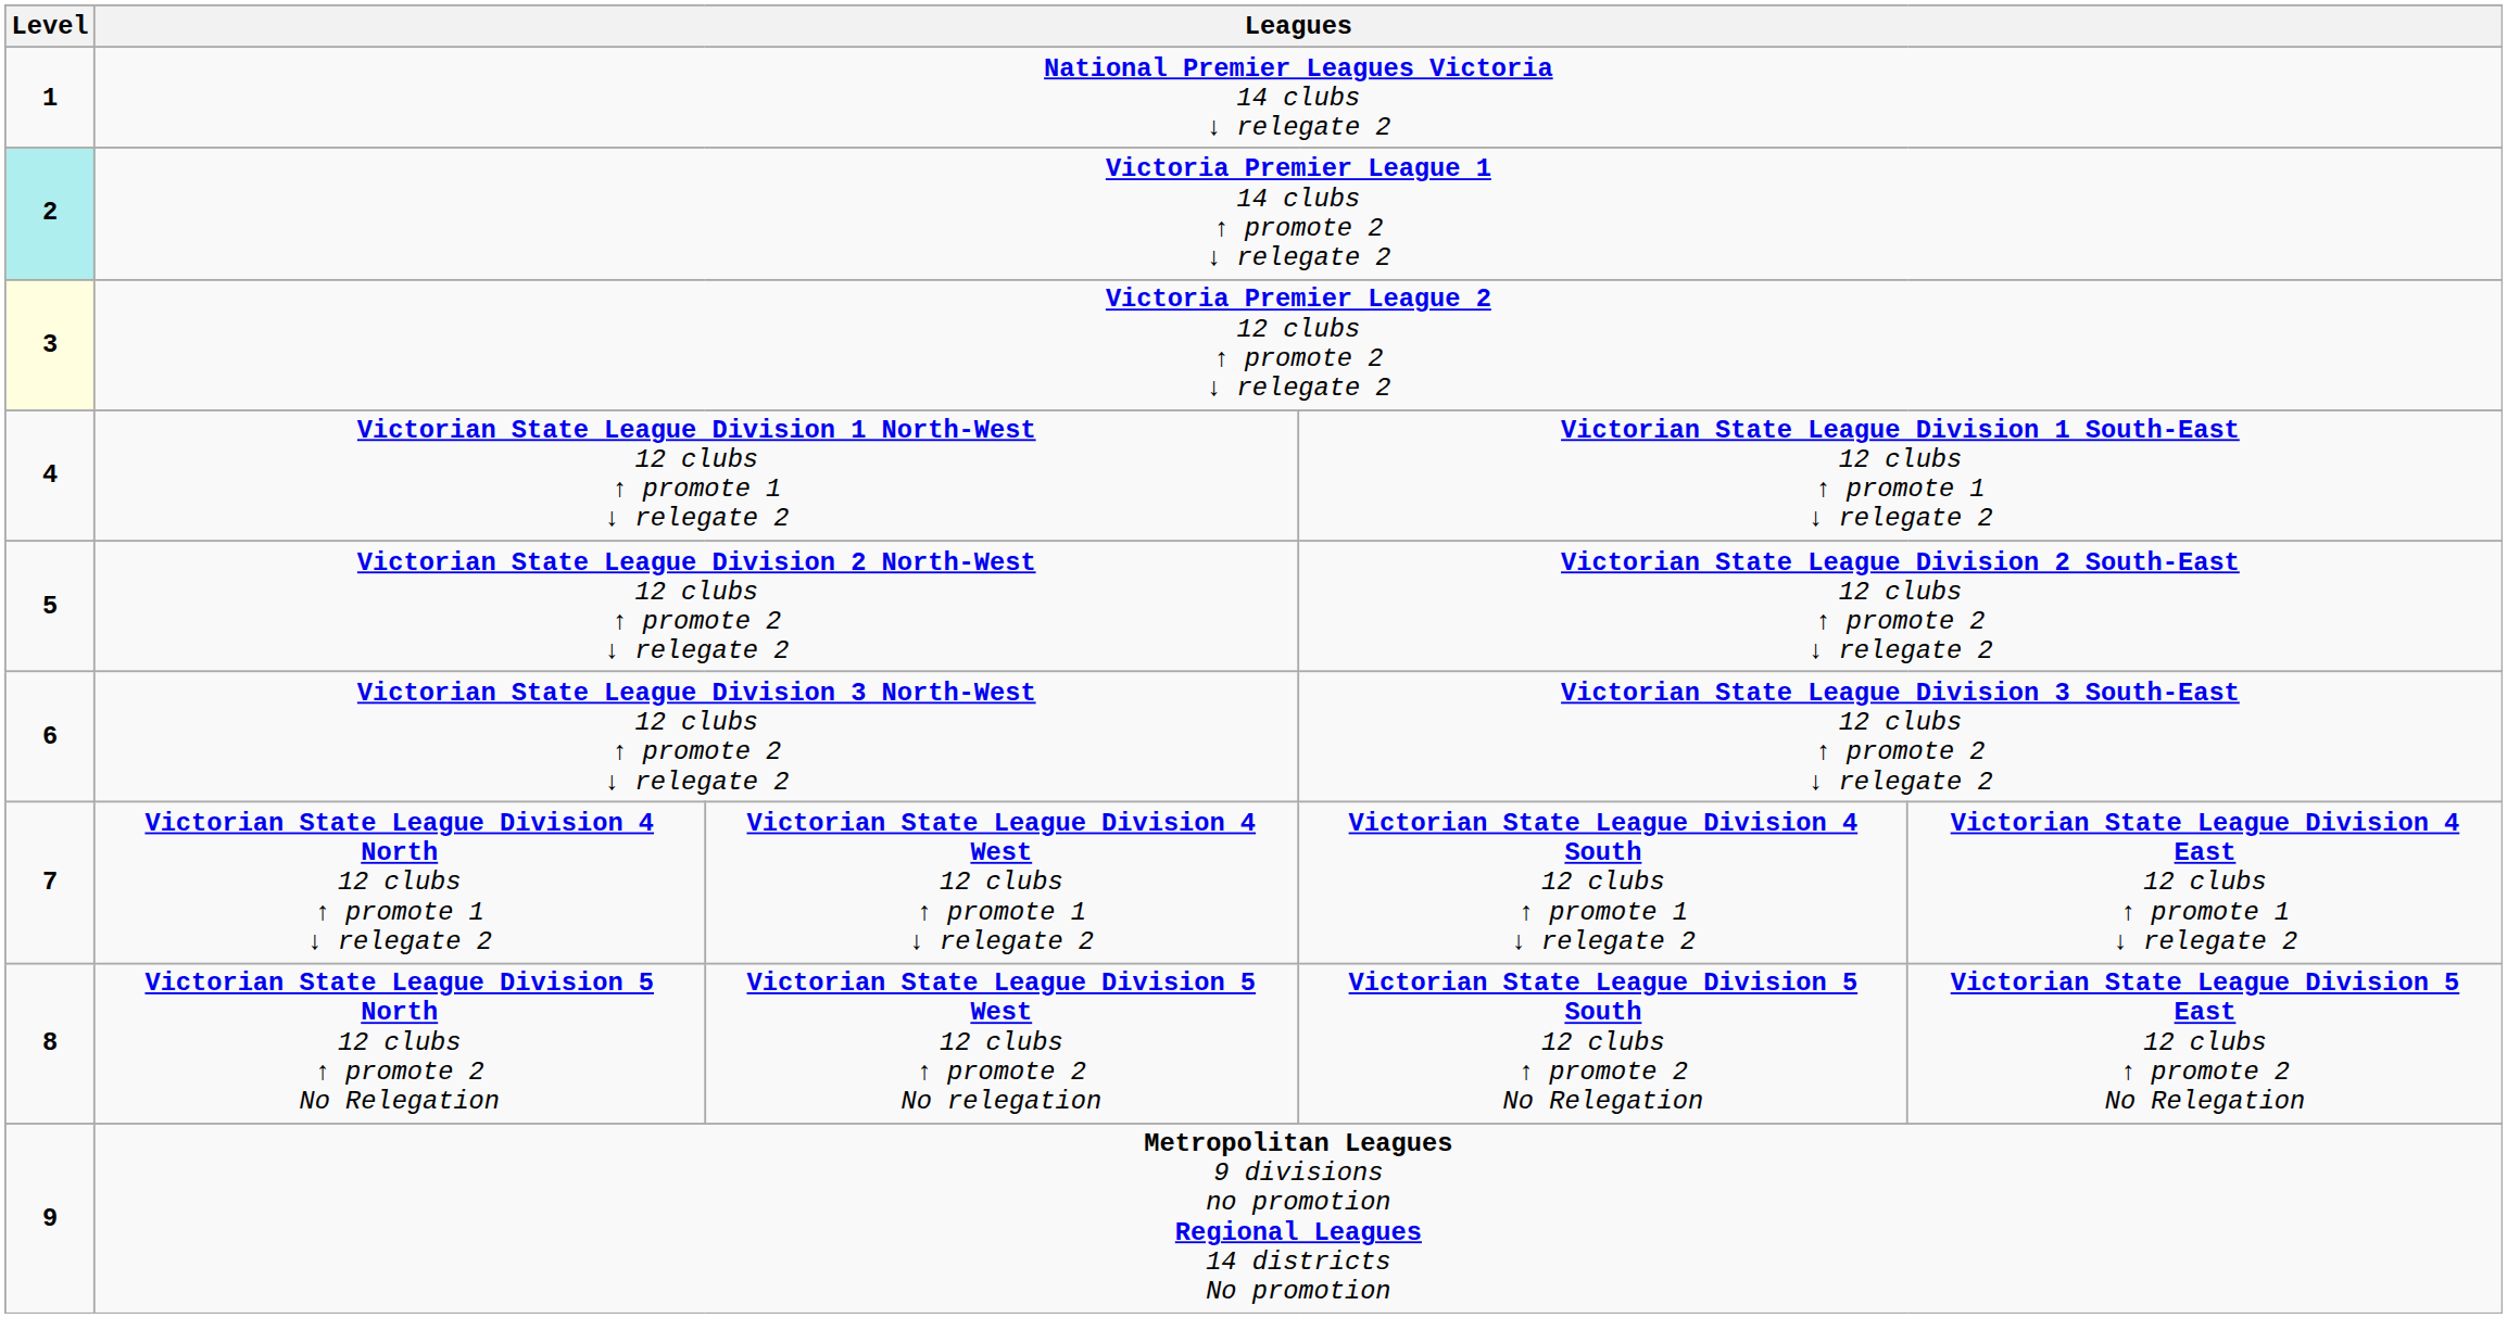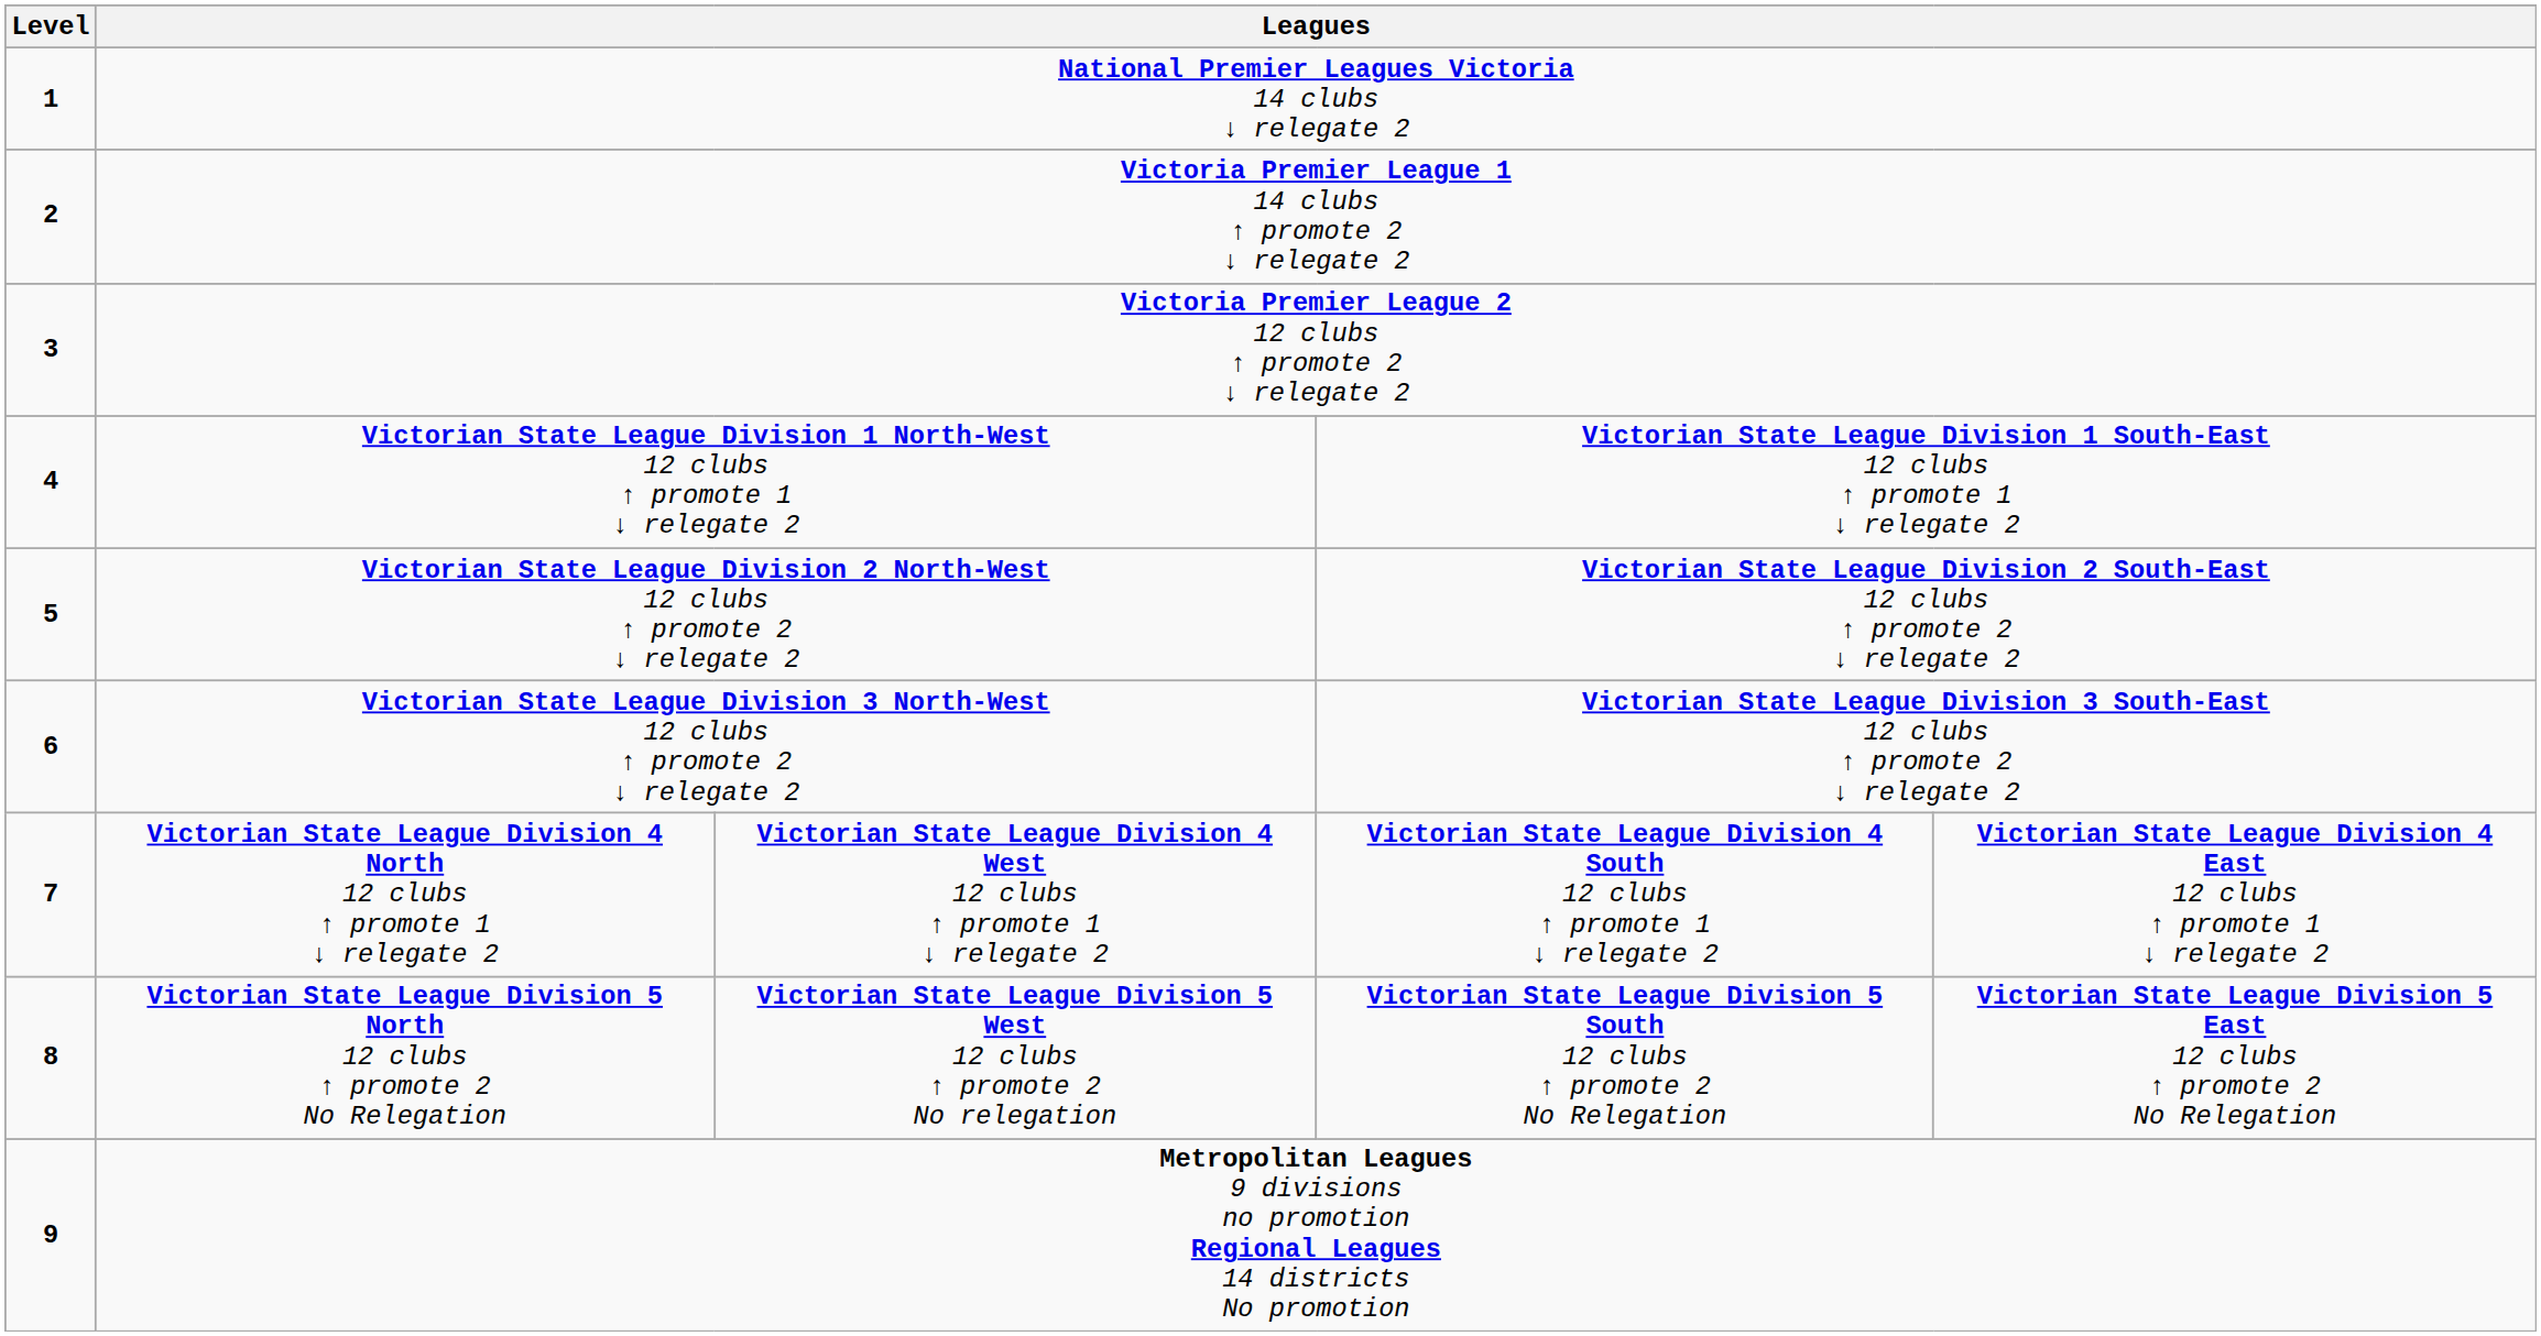 <table class="wikitable" style="text-align:center; width:100%;">
 <tr>
 <th>Level</th>
 <th colspan=4>Leagues</th>
 </tr>
 <tr>
 <td><strong>1</strong></td>
 <td colspan=4><strong><a href='#'>National Premier Leagues Victoria</a></strong><br><em>14 clubs</em><br><em>↓ relegate 2</em></td>
 </tr>
 <tr>
-<td style="background: paleturquoise;"><strong>2</strong></td>
+<td><strong>2</strong></td>
 <td colspan=4><strong><a href='#'>Victoria Premier League 1</a></strong><br><em>14 clubs</em><br><em>↑ promote 2</em><br><em>↓ relegate 2</em></td>
 </tr>
 <tr>
-<td style="background: lightyellow;"><strong>3</strong></td>
+<td><strong>3</strong></td>
 <td colspan=4><strong><a href='#'>Victoria Premier League 2</a></strong><br><em>12 clubs</em><br><em>↑ promote 2</em><br><em>↓ relegate 2</em></td>
 </tr>
 <tr>
 <td><strong>4</strong></td>
 <td colspan=2><strong><a href='#'>Victorian State League Division 1 North-West</a></strong><br><em>12 clubs</em><br><em>↑ promote 1</em><br><em>↓ relegate 2</em></td>
 <td colspan=2><strong><a href='#'>Victorian State League Division 1 South-East</a></strong><br><em>12 clubs</em><br><em>↑ promote 1</em><br><em>↓ relegate 2</em></td>
 </tr>
 <tr>
 <td><strong>5</strong></td>
 <td colspan=2><strong><a href='#'>Victorian State League Division 2 North-West</a></strong><br><em>12 clubs</em><br><em>↑ promote 2</em><br><em>↓ relegate 2</em></td>
 <td colspan=2><strong><a href='#'>Victorian State League Division 2 South-East</a></strong><br><em>12 clubs</em><br><em>↑ promote 2</em><br><em>↓ relegate 2</em></td>
 </tr>
 <tr>
 <td><strong>6</strong></td>
 <td colspan=2><strong><a href='#'>Victorian State League Division 3 North-West</a></strong><br><em>12 clubs</em><br><em>↑ promote 2</em><br><em>↓ relegate 2</em></td>
 <td colspan=2><strong><a href='#'>Victorian State League Division 3 South-East</a></strong><br><em>12 clubs</em><br><em>↑ promote 2</em><br><em>↓ relegate 2</em></td>
 </tr>
 <tr>
 <td><strong>7</strong></td>
 <td><strong><a href='#'>Victorian State League Division 4 North</a></strong><br><em>12 clubs</em><br><em>↑ promote 1</em><br><em>↓ relegate 2</em></td>
 <td><strong><a href='#'>Victorian State League Division 4 West</a></strong><br><em>12 clubs</em><br><em>↑ promote 1</em><br><em>↓ relegate 2</em></td>
 <td><strong><a href='#'>Victorian State League Division 4 South</a></strong><br><em>12 clubs</em><br><em>↑ promote 1</em><br><em>↓ relegate 2</em></td>
 <td><strong><a href='#'>Victorian State League Division 4 East</a></strong><br><em>12 clubs</em><br><em>↑ promote 1</em><br><em>↓ relegate 2</em></td>
 </tr>
 <tr>
 <td><strong>8</strong></td>
 <td><strong><a href='#'>Victorian State League Division 5 North</a></strong><br><em>12 clubs</em><br><em>↑ promote 2</em><br><em>No Relegation</em></td>
 <td><strong><a href='#'>Victorian State League Division 5 West</a></strong><br><em>12 clubs</em><br><em>↑ promote 2</em><br><em>No relegation</em></td>
 <td><strong><a href='#'>Victorian State League Division 5 South</a></strong><br><em>12 clubs</em><br><em>↑ promote 2</em><br><em>No Relegation</em></td>
 <td><strong><a href='#'>Victorian State League Division 5 East</a></strong><br><em>12 clubs</em><br><em>↑ promote 2</em><br><em>No Relegation</em></td>
 </tr>
 <tr>
 <td><strong>9</strong></td>
 <td colspan=4><strong>Metropolitan Leagues</strong> <br> <em> 9 divisions <br> no promotion</em> <br> <strong><a href='#'>Regional Leagues</a></strong><br><em>14 districts</em><br><em>No promotion</em></td>
 </tr>
 </table>
